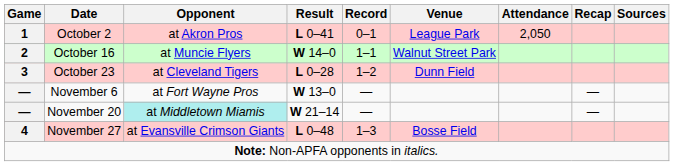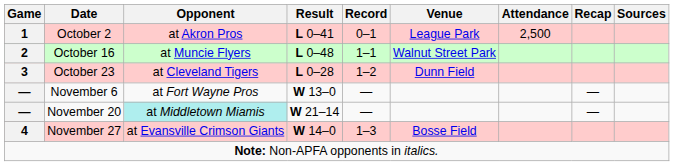 <table class="wikitable" style="text-align:center">
 <tr>
 <th>Game</th>
 <th>Date</th>
 <th>Opponent</th>
 <th>Result</th>
 <th>Record</th>
 <th>Venue</th>
 <th>Attendance</th>
 <th>Recap</th>
 <th>Sources</th>
 </tr>
 <tr style="background:#fcc">
 <th>1</th>
 <td>October 2</td>
 <td>at <a href='#'>Akron Pros</a></td>
 <td><strong>L</strong> 0–41</td>
 <td>0–1</td>
 <td><a href='#'>League Park</a></td>
-<td>2,050</td>
+<td>2,500</td>
 <td></td>
 <td></td>
 </tr>
 <tr style="background:#cfc">
 <th>2</th>
 <td>October 16</td>
 <td>at <a href='#'>Muncie Flyers</a></td>
-<td><strong>W</strong> 14–0</td>
+<td><strong>L</strong> 0–48</td>
 <td>1–1</td>
 <td><a href='#'>Walnut Street Park</a></td>
 <td></td>
 <td></td>
 <td></td>
 </tr>
 <tr style="background:#fcc">
 <th>3</th>
 <td>October 23</td>
 <td>at <a href='#'>Cleveland Tigers</a></td>
 <td><strong>L</strong> 0–28</td>
 <td>1–2</td>
 <td><a href='#'>Dunn Field</a></td>
 <td></td>
 <td></td>
 <td></td>
 </tr>
 <tr>
 <th>—</th>
 <td>November 6</td>
 <td>at <em>Fort Wayne Pros</em></td>
 <td><strong>W</strong> 13–0</td>
 <td>—</td>
 <td></td>
 <td></td>
 <td>—</td>
 <td></td>
 </tr>
 <tr>
 <th>—</th>
 <td>November 20</td>
 <td style="background: paleturquoise;">at <em>Middletown Miamis</em></td>
 <td><strong>W</strong> 21–14</td>
 <td>—</td>
 <td></td>
 <td></td>
 <td>—</td>
 <td></td>
 </tr>
 <tr style="background:#fcc">
 <th>4</th>
 <td>November 27</td>
 <td>at <a href='#'>Evansville Crimson Giants</a></td>
-<td><strong>L</strong> 0–48</td>
+<td><strong>W</strong> 14–0</td>
 <td>1–3</td>
 <td><a href='#'>Bosse Field</a></td>
 <td></td>
 <td></td>
 <td></td>
 </tr>
 <tr>
 <td colspan="10"><strong>Note:</strong> Non-APFA opponents in <em>italics.</em></td>
 </tr>
 </table>
